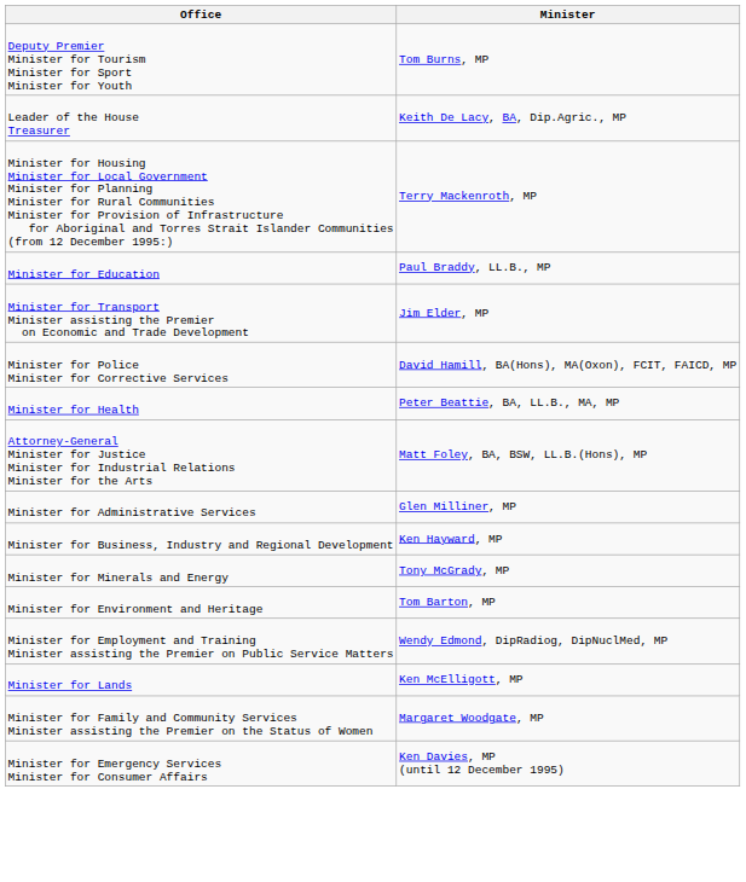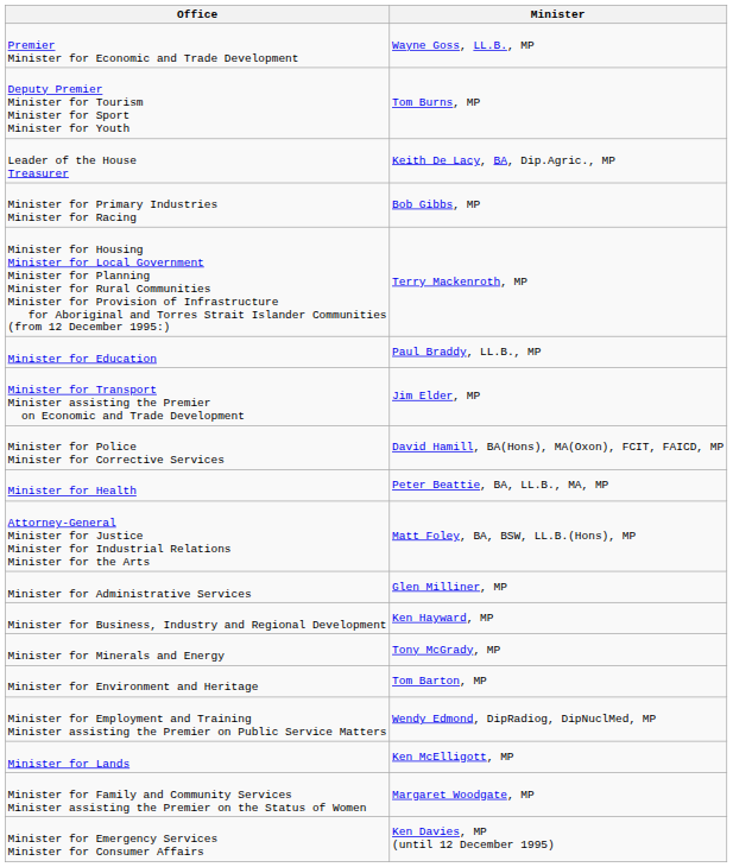 <table class="wikitable">
 <tr>
 <th>Office</th>
 <th>Minister</th>
+</tr>
+<tr>
+<td><br><a href='#'>Premier</a><br> Minister for Economic and Trade Development<br></td>
+<td><a href='#'>Wayne Goss</a>, <a href='#'>LL.B.</a>, MP</td>
 </tr>
 <tr>
 <td><br><a href='#'>Deputy Premier</a><br> Minister for Tourism<br> Minister for Sport<br> Minister for Youth<br></td>
 <td><a href='#'>Tom Burns</a>, MP</td>
 </tr>
 <tr>
 <td><br>Leader of the House<br> <a href='#'>Treasurer</a><br></td>
 <td><a href='#'>Keith De Lacy</a>, <a href='#'>BA</a>, Dip.Agric., MP</td>
+</tr>
+<tr>
+<td><br>Minister for Primary Industries<br> Minister for Racing<br></td>
+<td><a href='#'>Bob Gibbs</a>, MP</td>
 </tr>
 <tr>
 <td><br>Minister for Housing<br> <a href='#'>Minister for Local Government</a><br> Minister for Planning<br> Minister for Rural Communities<br> Minister for Provision of Infrastructure<br>   for Aboriginal and Torres Strait Islander Communities<br>(from 12 December 1995:)</td>
 <td><a href='#'>Terry Mackenroth</a>, MP</td>
 </tr>
 <tr>
 <td><br><a href='#'>Minister for Education</a><br></td>
 <td><a href='#'>Paul Braddy</a>, LL.B., MP</td>
 </tr>
 <tr>
 <td><br><a href='#'>Minister for Transport</a><br> Minister assisting the Premier<br>  on Economic and Trade Development</td>
 <td><a href='#'>Jim Elder</a>, MP</td>
 </tr>
 <tr>
 <td><br>Minister for Police<br> Minister for Corrective Services<br></td>
 <td><a href='#'>David Hamill</a>, BA(Hons), MA(Oxon), FCIT, FAICD, MP</td>
 </tr>
 <tr>
 <td><br><a href='#'>Minister for Health</a><br></td>
 <td><a href='#'>Peter Beattie</a>, BA, LL.B., MA, MP</td>
 </tr>
 <tr>
 <td><br><a href='#'>Attorney-General</a><br> Minister for Justice<br> Minister for Industrial Relations<br> Minister for the Arts<br></td>
 <td><a href='#'>Matt Foley</a>, BA, BSW, LL.B.(Hons), MP</td>
 </tr>
 <tr>
 <td><br>Minister for Administrative Services<br></td>
 <td><a href='#'>Glen Milliner</a>, MP</td>
 </tr>
 <tr>
 <td><br>Minister for Business, Industry and Regional Development<br></td>
 <td><a href='#'>Ken Hayward</a>, MP</td>
 </tr>
 <tr>
 <td><br>Minister for Minerals and Energy<br></td>
 <td><a href='#'>Tony McGrady</a>, MP</td>
 </tr>
 <tr>
 <td><br>Minister for Environment and Heritage<br></td>
 <td><a href='#'>Tom Barton</a>, MP</td>
 </tr>
 <tr>
 <td><br>Minister for Employment and Training<br> Minister assisting the Premier on Public Service Matters<br></td>
 <td><a href='#'>Wendy Edmond</a>, DipRadiog, DipNuclMed, MP</td>
 </tr>
 <tr>
 <td><br><a href='#'>Minister for Lands</a><br></td>
 <td><a href='#'>Ken McElligott</a>, MP</td>
 </tr>
 <tr>
 <td><br>Minister for Family and Community Services<br> Minister assisting the Premier on the Status of Women<br></td>
 <td><a href='#'>Margaret Woodgate</a>, MP</td>
 </tr>
 <tr>
 <td><br>Minister for Emergency Services<br> Minister for Consumer Affairs<br></td>
 <td><a href='#'>Ken Davies</a>, MP<br>(until 12 December 1995)</td>
 </tr>
 </table>
